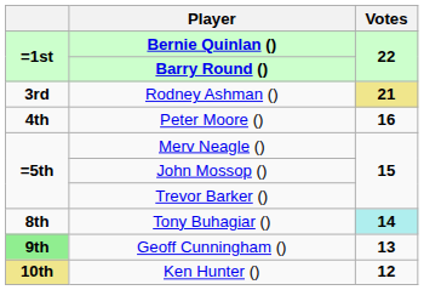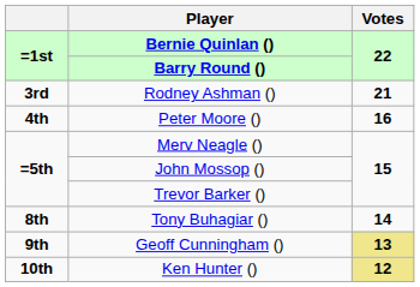 <table class="wikitable" style="text-align: center; font-size: 90%;">
 <tr>
 <th width="50"></th>
 <th width="250">Player</th>
 <th width="50">Votes</th>
 </tr>
 <tr style="background: #CCFFCC; font-weight: bold;">
 <td rowspan=2>=1st</td>
 <td><a href='#'>Bernie Quinlan</a> ()<br></td>
 <td rowspan=2>22</td>
 </tr>
 <tr style="background: #CCFFCC; font-weight: bold;">
 <td><a href='#'>Barry Round</a> ()</td>
 </tr>
 <tr>
 <td><strong>3rd</strong></td>
 <td><a href='#'>Rodney Ashman</a> ()</td>
-<td style="background: khaki;"><strong>21</strong></td>
+<td><strong>21</strong></td>
 </tr>
 <tr>
 <td><strong>4th</strong></td>
 <td><a href='#'>Peter Moore</a> ()</td>
 <td><strong>16</strong></td>
 </tr>
 <tr>
 <td rowspan=3><strong>=5th</strong></td>
 <td><a href='#'>Merv Neagle</a> ()</td>
 <td rowspan=3><strong>15</strong></td>
 </tr>
 <tr>
 <td><a href='#'>John Mossop</a> ()</td>
 </tr>
 <tr>
 <td><a href='#'>Trevor Barker</a> ()</td>
 </tr>
 <tr>
 <td><strong>8th</strong></td>
 <td><a href='#'>Tony Buhagiar</a> ()</td>
-<td style="background: paleturquoise;"><strong> 14</strong></td>
+<td><strong> 14</strong></td>
 </tr>
 <tr>
-<td style="background: lightgreen;"><strong>9th</strong></td>
+<td><strong>9th</strong></td>
 <td><a href='#'>Geoff Cunningham</a> ()</td>
-<td><strong>13</strong></td>
+<td style="background: khaki;"><strong>13</strong></td>
 </tr>
 <tr>
-<td style="background: khaki;"><strong>10th</strong></td>
+<td><strong>10th</strong></td>
 <td><a href='#'>Ken Hunter</a> ()</td>
-<td><strong>12</strong></td>
+<td style="background: khaki;"><strong>12</strong></td>
 </tr>
 </table>
